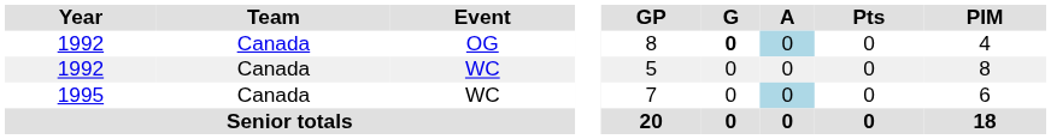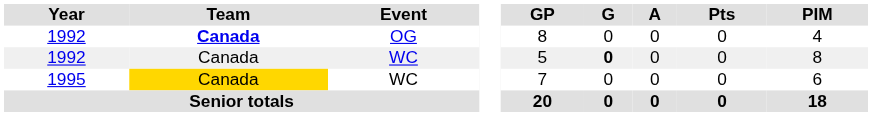 <table border="0" cellpadding="1" cellspacing="0" style="text-align:center; width:50em">
 <tr align="center" bgcolor="#e0e0e0">
 <th>Year</th>
 <th>Team</th>
 <th>Event</th>
 <th rowspan="99" bgcolor="#ffffff"> </th>
 <th>GP</th>
 <th>G</th>
 <th>A</th>
 <th>Pts</th>
 <th>PIM</th>
 </tr>
 <tr>
 <td><a href='#'>1992</a></td>
-<td><a href='#'>Canada</a></td>
+<td><strong><a href='#'>Canada</a></strong></td>
 <td><a href='#'>OG</a></td>
 <td>8</td>
-<td><strong>0</strong></td>
-<td style="background: lightblue;">0</td>
+<td>0</td>
+<td>0</td>
 <td>0</td>
 <td>4</td>
 </tr>
 <tr bgcolor="#f0f0f0">
 <td><a href='#'>1992</a></td>
 <td>Canada</td>
 <td><a href='#'>WC</a></td>
 <td>5</td>
-<td>0</td>
+<td><strong>0</strong></td>
 <td>0</td>
 <td>0</td>
 <td>8</td>
 </tr>
 <tr>
 <td><a href='#'>1995</a></td>
-<td>Canada</td>
+<td style="background: gold;">Canada</td>
 <td>WC</td>
 <td>7</td>
 <td>0</td>
-<td style="background: lightblue;">0</td>
+<td>0</td>
 <td>0</td>
 <td>6</td>
 </tr>
 <tr bgcolor="#e0e0e0">
 <th colspan=3>Senior totals</th>
 <th>20</th>
 <th>0</th>
 <th>0</th>
 <th>0</th>
 <th>18</th>
 </tr>
 </table>
